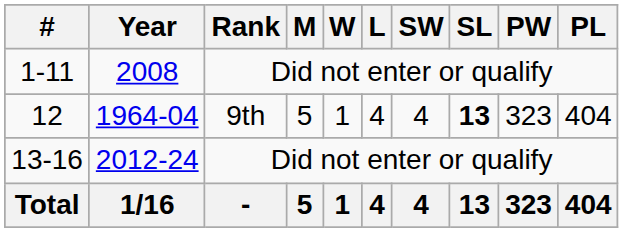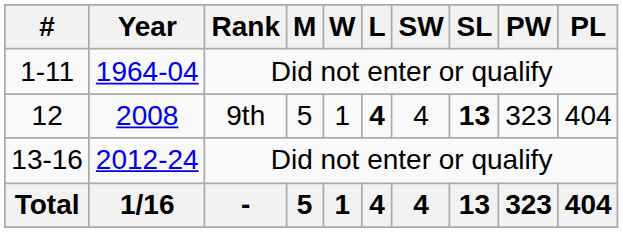 <table class="wikitable sortable" style="text-align:center">
 <tr>
 <th>#</th>
 <th>Year</th>
 <th>Rank</th>
 <th>M</th>
 <th>W</th>
 <th>L</th>
 <th>SW</th>
 <th>SL</th>
 <th>PW</th>
 <th>PL</th>
 </tr>
 <tr>
 <td>1-11</td>
-<td><a href='#'>2008</a></td>
+<td><a href='#'>1964-04</a></td>
 <td colspan=8>Did not enter or qualify</td>
 </tr>
 <tr>
 <td>12</td>
-<td><a href='#'>1964-04</a></td>
+<td><a href='#'>2008</a></td>
 <td>9th</td>
 <td>5</td>
 <td>1</td>
-<td>4</td>
+<td><strong>4</strong></td>
 <td>4</td>
 <td><strong>13</strong></td>
 <td>323</td>
 <td>404</td>
 </tr>
 <tr>
 <td>13-16</td>
 <td><a href='#'>2012-24</a></td>
 <td colspan=8>Did not enter or qualify</td>
 </tr>
 <tr>
 <th><strong>Total</strong></th>
 <th>1/16</th>
 <th>-</th>
 <th>5</th>
 <th>1</th>
 <th>4</th>
 <th>4</th>
 <th>13</th>
 <th>323</th>
 <th>404</th>
 </tr>
 </table>
